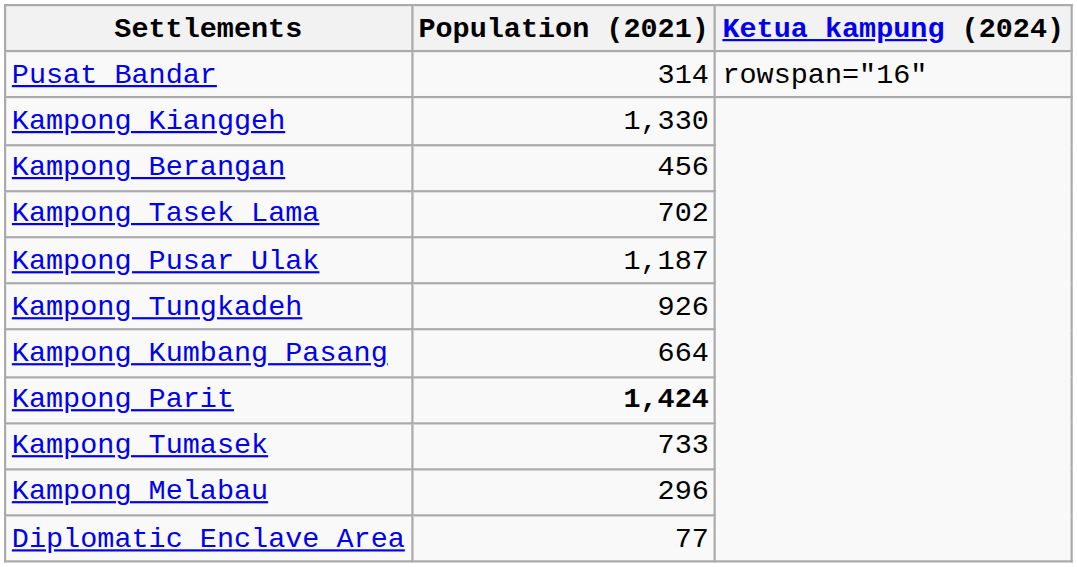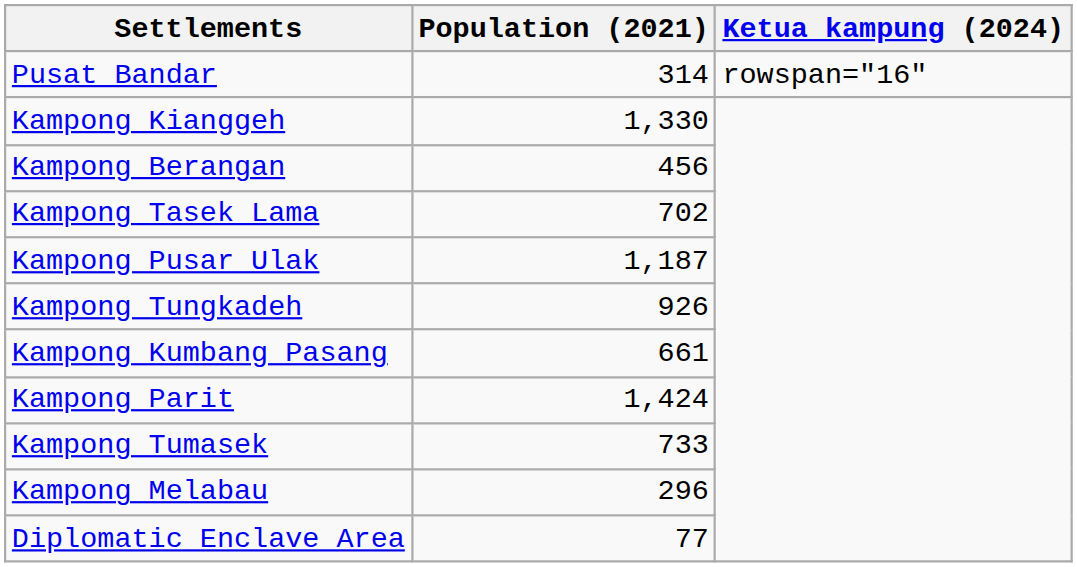 <table class="wikitable">
 <tr>
 <th>Settlements</th>
 <th>Population (2021)</th>
 <th><a href='#'>Ketua kampung</a> (2024)</th>
 </tr>
 <tr>
 <td><a href='#'>Pusat Bandar</a></td>
 <td align="right">314</td>
 <td>rowspan="16" </td>
 </tr>
 <tr>
 <td><a href='#'>Kampong Kianggeh</a></td>
 <td align="right">1,330</td>
 </tr>
 <tr>
 <td><a href='#'>Kampong Berangan</a></td>
 <td align="right">456</td>
 </tr>
 <tr>
 <td><a href='#'>Kampong Tasek Lama</a></td>
 <td align="right">702</td>
 </tr>
 <tr>
 <td><a href='#'>Kampong Pusar Ulak</a></td>
 <td align="right">1,187</td>
 </tr>
 <tr>
 <td><a href='#'>Kampong Tungkadeh</a></td>
 <td align="right">926</td>
 </tr>
 <tr>
 <td><a href='#'>Kampong Kumbang Pasang</a></td>
-<td align="right">664</td>
+<td align="right">661</td>
 </tr>
 <tr>
 <td><a href='#'>Kampong Parit</a></td>
-<td align="right"><strong>1,424</strong></td>
+<td align="right">1,424</td>
 </tr>
 <tr>
 <td><a href='#'>Kampong Tumasek</a></td>
 <td align="right">733</td>
 </tr>
 <tr>
 <td><a href='#'>Kampong Melabau</a></td>
 <td align="right">296</td>
 </tr>
 <tr>
 <td><a href='#'>Diplomatic Enclave Area</a></td>
 <td align="right">77</td>
 </tr>
 </table>
